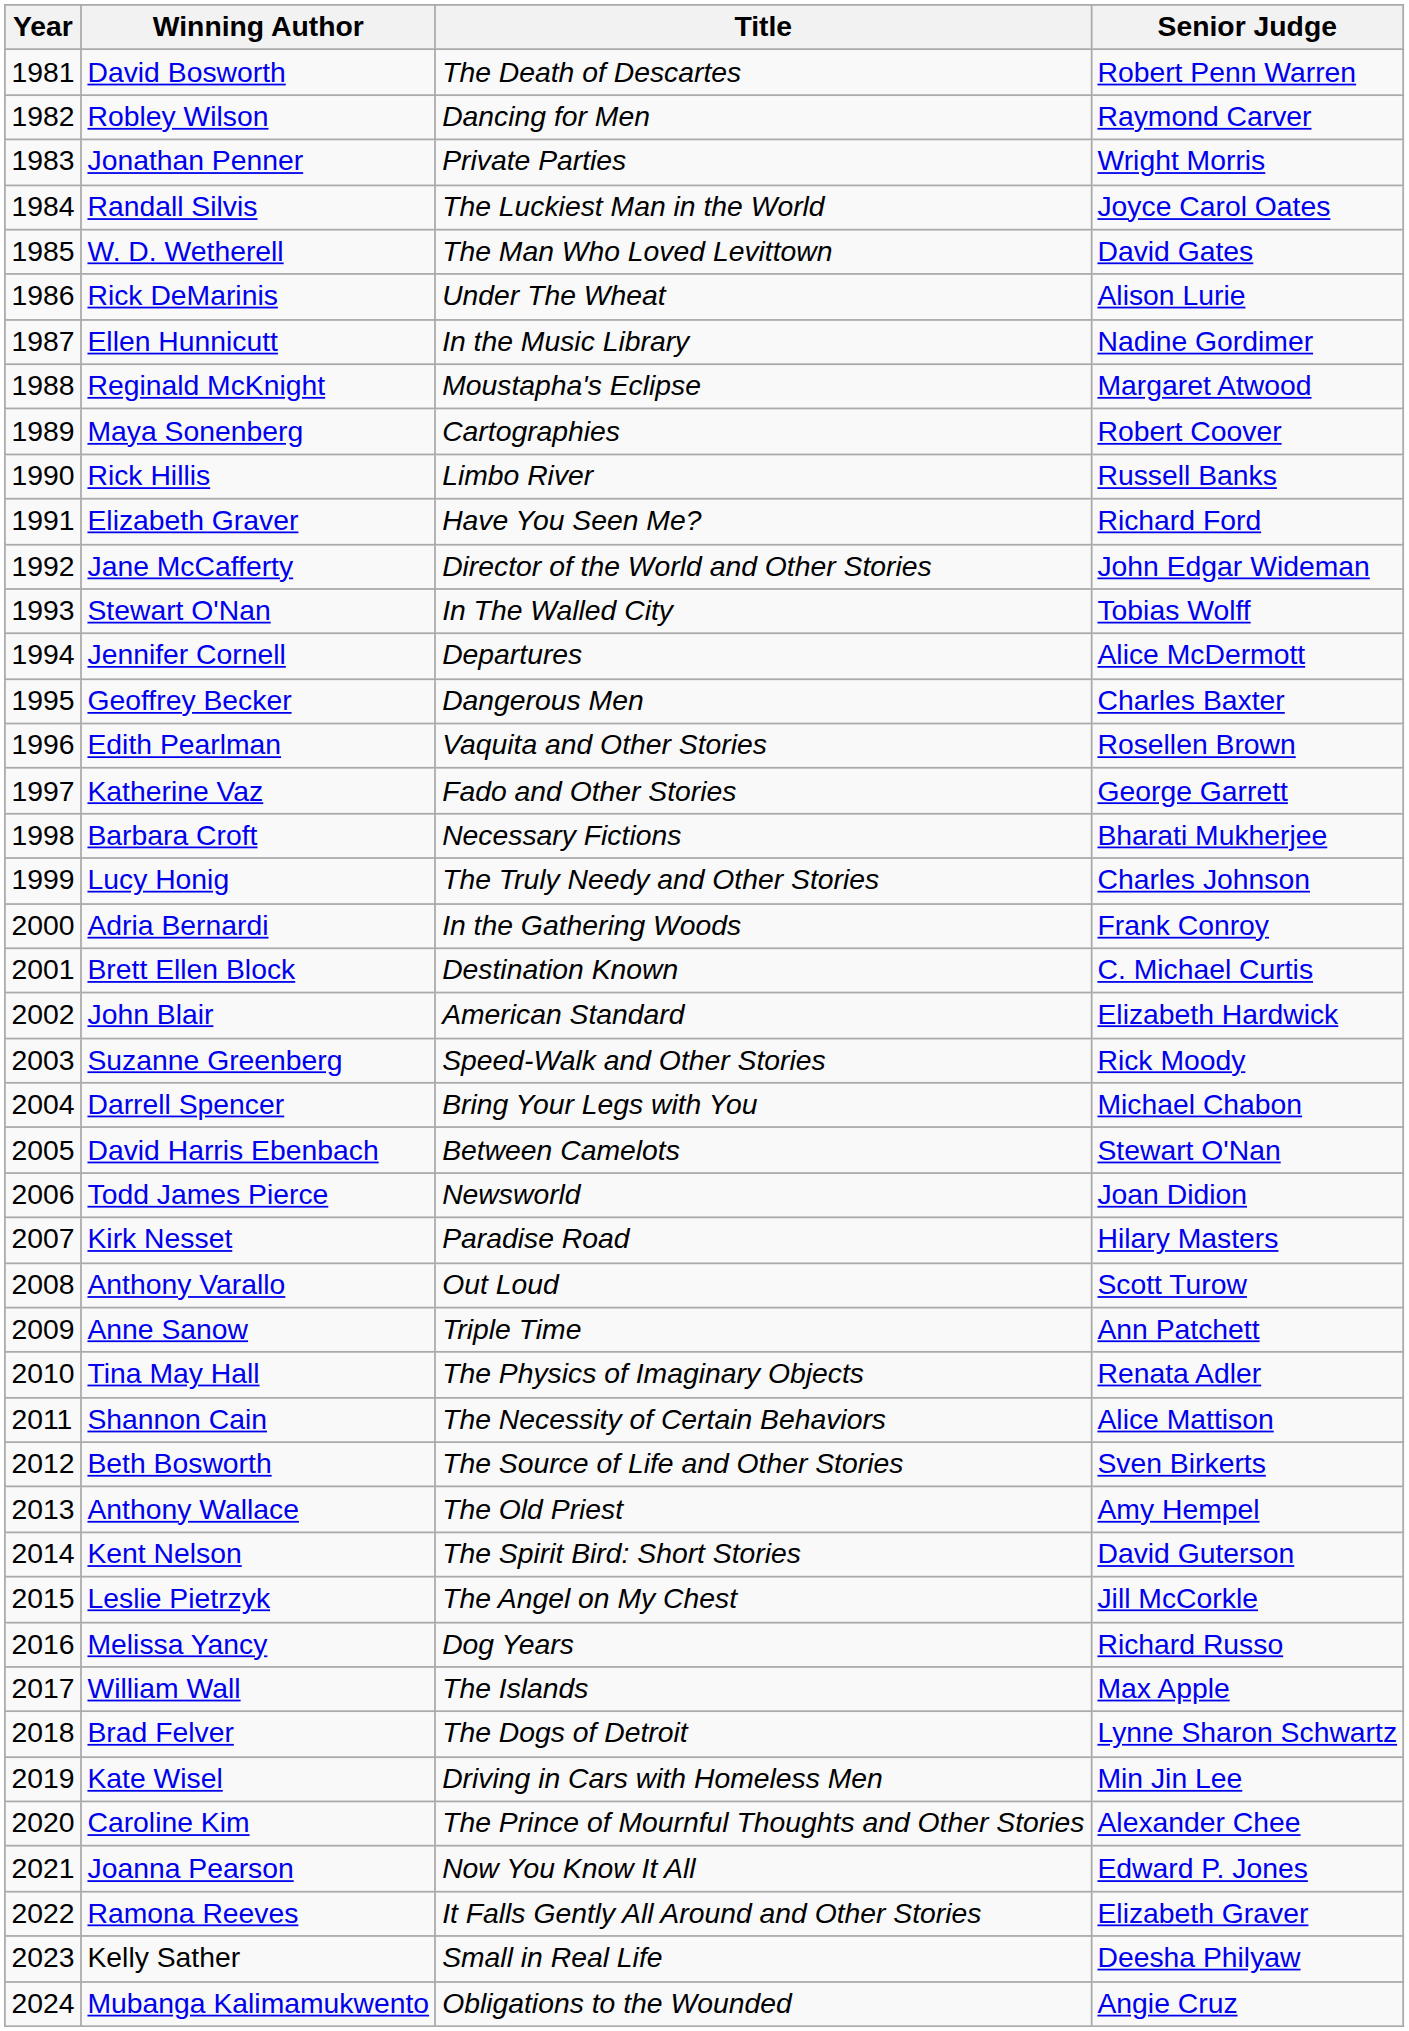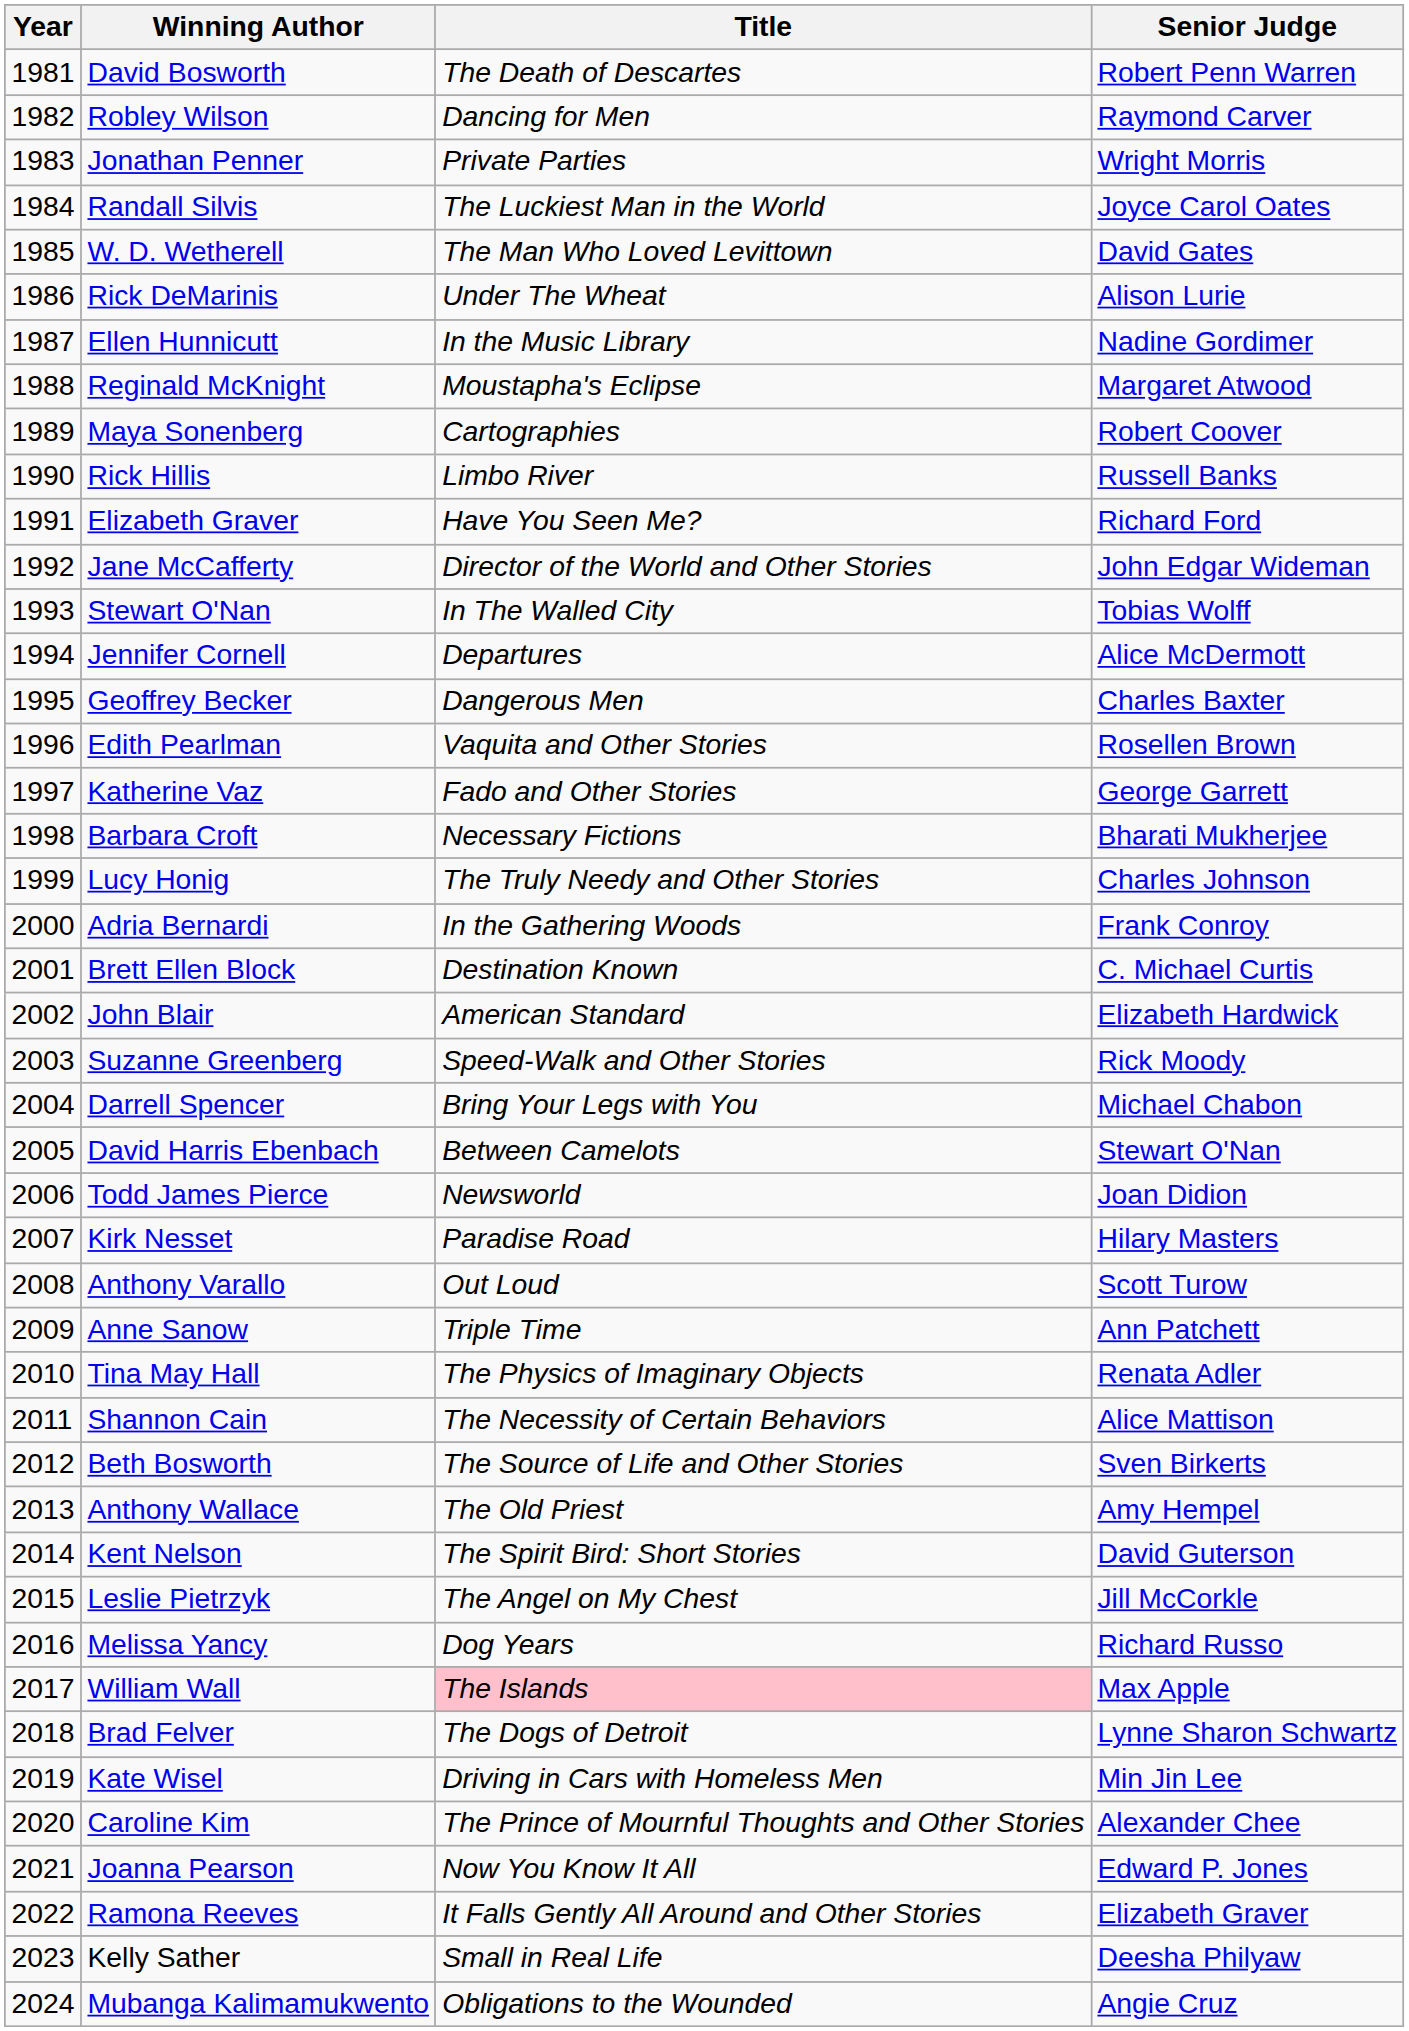 <table class="wikitable sortable"| align="center">
 <tr>
 <th>Year</th>
 <th>Winning Author</th>
 <th>Title</th>
 <th>Senior Judge</th>
 </tr>
 <tr>
 <td>1981</td>
 <td><a href='#'>David Bosworth</a></td>
 <td><em>The Death of Descartes</em></td>
 <td><a href='#'>Robert Penn Warren</a></td>
 </tr>
 <tr>
 <td>1982</td>
 <td><a href='#'>Robley Wilson</a></td>
 <td><em>Dancing for Men</em></td>
 <td><a href='#'>Raymond Carver</a></td>
 </tr>
 <tr>
 <td>1983</td>
 <td><a href='#'>Jonathan Penner</a></td>
 <td><em>Private Parties</em></td>
 <td><a href='#'>Wright Morris</a></td>
 </tr>
 <tr>
 <td>1984</td>
 <td><a href='#'>Randall Silvis</a></td>
 <td><em>The Luckiest Man in the World</em></td>
 <td><a href='#'>Joyce Carol Oates</a></td>
 </tr>
 <tr>
 <td>1985</td>
 <td><a href='#'>W. D. Wetherell</a></td>
 <td><em>The Man Who Loved Levittown</em></td>
 <td><a href='#'>David Gates</a></td>
 </tr>
 <tr>
 <td>1986</td>
 <td><a href='#'>Rick DeMarinis</a></td>
 <td><em>Under The Wheat</em></td>
 <td><a href='#'>Alison Lurie</a></td>
 </tr>
 <tr>
 <td>1987</td>
 <td><a href='#'>Ellen Hunnicutt</a></td>
 <td><em>In the Music Library</em></td>
 <td><a href='#'>Nadine Gordimer</a></td>
 </tr>
 <tr>
 <td>1988</td>
 <td><a href='#'>Reginald McKnight</a></td>
 <td><em>Moustapha's Eclipse</em></td>
 <td><a href='#'>Margaret Atwood</a></td>
 </tr>
 <tr>
 <td>1989</td>
 <td><a href='#'>Maya Sonenberg</a></td>
 <td><em>Cartographies</em></td>
 <td><a href='#'>Robert Coover</a></td>
 </tr>
 <tr>
 <td>1990</td>
 <td><a href='#'>Rick Hillis</a></td>
 <td><em>Limbo River</em></td>
 <td><a href='#'>Russell Banks</a></td>
 </tr>
 <tr>
 <td>1991</td>
 <td><a href='#'>Elizabeth Graver</a></td>
 <td><em>Have You Seen Me?</em></td>
 <td><a href='#'>Richard Ford</a></td>
 </tr>
 <tr>
 <td>1992</td>
 <td><a href='#'>Jane McCafferty</a></td>
 <td><em>Director of the World and Other Stories</em></td>
 <td><a href='#'>John Edgar Wideman</a></td>
 </tr>
 <tr>
 <td>1993</td>
 <td><a href='#'>Stewart O'Nan</a></td>
 <td><em>In The Walled City</em></td>
 <td><a href='#'>Tobias Wolff</a></td>
 </tr>
 <tr>
 <td>1994</td>
 <td><a href='#'>Jennifer Cornell</a></td>
 <td><em>Departures</em></td>
 <td><a href='#'>Alice McDermott</a></td>
 </tr>
 <tr>
 <td>1995</td>
 <td><a href='#'>Geoffrey Becker</a></td>
 <td><em>Dangerous Men</em></td>
 <td><a href='#'>Charles Baxter</a></td>
 </tr>
 <tr>
 <td>1996</td>
 <td><a href='#'>Edith Pearlman</a></td>
 <td><em>Vaquita and Other Stories</em></td>
 <td><a href='#'>Rosellen Brown</a></td>
 </tr>
 <tr>
 <td>1997</td>
 <td><a href='#'>Katherine Vaz</a></td>
 <td><em>Fado and Other Stories</em></td>
 <td><a href='#'>George Garrett</a></td>
 </tr>
 <tr>
 <td>1998</td>
 <td><a href='#'>Barbara Croft</a></td>
 <td><em>Necessary Fictions</em></td>
 <td><a href='#'>Bharati Mukherjee</a></td>
 </tr>
 <tr>
 <td>1999</td>
 <td><a href='#'>Lucy Honig</a></td>
 <td><em>The Truly Needy and Other Stories</em></td>
 <td><a href='#'>Charles Johnson</a></td>
 </tr>
 <tr>
 <td>2000</td>
 <td><a href='#'>Adria Bernardi</a></td>
 <td><em>In the Gathering Woods</em></td>
 <td><a href='#'>Frank Conroy</a></td>
 </tr>
 <tr>
 <td>2001</td>
 <td><a href='#'>Brett Ellen Block</a></td>
 <td><em>Destination Known</em></td>
 <td><a href='#'>C. Michael Curtis</a></td>
 </tr>
 <tr>
 <td>2002</td>
 <td><a href='#'>John Blair</a></td>
 <td><em>American Standard</em></td>
 <td><a href='#'>Elizabeth Hardwick</a></td>
 </tr>
 <tr>
 <td>2003</td>
 <td><a href='#'>Suzanne Greenberg</a></td>
 <td><em>Speed-Walk and Other Stories</em></td>
 <td><a href='#'>Rick Moody</a></td>
 </tr>
 <tr>
 <td>2004</td>
 <td><a href='#'>Darrell Spencer</a></td>
 <td><em>Bring Your Legs with You</em></td>
 <td><a href='#'>Michael Chabon</a></td>
 </tr>
 <tr>
 <td>2005</td>
 <td><a href='#'>David Harris Ebenbach</a></td>
 <td><em>Between Camelots</em></td>
 <td><a href='#'>Stewart O'Nan</a></td>
 </tr>
 <tr>
 <td>2006</td>
 <td><a href='#'>Todd James Pierce</a></td>
 <td><em>Newsworld</em></td>
 <td><a href='#'>Joan Didion</a></td>
 </tr>
 <tr>
 <td>2007</td>
 <td><a href='#'>Kirk Nesset</a></td>
 <td><em>Paradise Road</em></td>
 <td><a href='#'>Hilary Masters</a></td>
 </tr>
 <tr>
 <td>2008</td>
 <td><a href='#'>Anthony Varallo</a></td>
 <td><em>Out Loud</em></td>
 <td><a href='#'>Scott Turow</a></td>
 </tr>
 <tr>
 <td>2009</td>
 <td><a href='#'>Anne Sanow</a></td>
 <td><em>Triple Time</em></td>
 <td><a href='#'>Ann Patchett</a></td>
 </tr>
 <tr>
 <td>2010</td>
 <td><a href='#'>Tina May Hall</a></td>
 <td><em>The Physics of Imaginary Objects</em></td>
 <td><a href='#'>Renata Adler</a></td>
 </tr>
 <tr>
 <td>2011</td>
 <td><a href='#'>Shannon Cain</a></td>
 <td><em>The Necessity of Certain Behaviors</em></td>
 <td><a href='#'>Alice Mattison</a></td>
 </tr>
 <tr>
 <td>2012</td>
 <td><a href='#'>Beth Bosworth</a></td>
 <td><em>The Source of Life and Other Stories</em></td>
 <td><a href='#'>Sven Birkerts</a></td>
 </tr>
 <tr>
 <td>2013</td>
 <td><a href='#'>Anthony Wallace</a></td>
 <td><em>The Old Priest</em></td>
 <td><a href='#'>Amy Hempel</a></td>
 </tr>
 <tr>
 <td>2014</td>
 <td><a href='#'>Kent Nelson</a></td>
 <td><em>The Spirit Bird: Short Stories</em></td>
 <td><a href='#'>David Guterson</a></td>
 </tr>
 <tr>
 <td>2015</td>
 <td><a href='#'>Leslie Pietrzyk</a></td>
 <td><em>The Angel on My Chest</em></td>
 <td><a href='#'>Jill McCorkle</a></td>
 </tr>
 <tr>
 <td>2016</td>
 <td><a href='#'>Melissa Yancy</a></td>
 <td><em>Dog Years</em></td>
 <td><a href='#'>Richard Russo</a></td>
 </tr>
 <tr>
 <td>2017</td>
 <td><a href='#'>William Wall</a></td>
-<td><em>The Islands</em></td>
+<td style="background: pink;"><em>The Islands</em></td>
 <td><a href='#'>Max Apple</a></td>
 </tr>
 <tr>
 <td>2018</td>
 <td><a href='#'>Brad Felver</a></td>
 <td><em>The Dogs of Detroit</em></td>
 <td><a href='#'>Lynne Sharon Schwartz</a></td>
 </tr>
 <tr>
 <td>2019</td>
 <td><a href='#'>Kate Wisel</a></td>
 <td><em>Driving in Cars with Homeless Men</em></td>
 <td><a href='#'>Min Jin Lee</a></td>
 </tr>
 <tr>
 <td>2020</td>
 <td><a href='#'>Caroline Kim</a></td>
 <td><em>The Prince of Mournful Thoughts and Other Stories</em></td>
 <td><a href='#'>Alexander Chee</a></td>
 </tr>
 <tr>
 <td>2021</td>
 <td><a href='#'>Joanna Pearson</a></td>
 <td><em>Now You Know It All</em></td>
 <td><a href='#'>Edward P. Jones</a></td>
 </tr>
 <tr>
 <td>2022</td>
 <td><a href='#'>Ramona Reeves</a></td>
 <td><em>It Falls Gently All Around and Other Stories</em></td>
 <td><a href='#'>Elizabeth Graver</a></td>
 </tr>
 <tr>
 <td>2023</td>
 <td>Kelly Sather</td>
 <td><em>Small in Real Life</em></td>
 <td><a href='#'>Deesha Philyaw</a></td>
 </tr>
 <tr>
 <td>2024</td>
 <td><a href='#'>Mubanga Kalimamukwento</a></td>
 <td><em>Obligations to the Wounded</em> </td>
 <td><a href='#'>Angie Cruz</a></td>
 </tr>
 </table>
